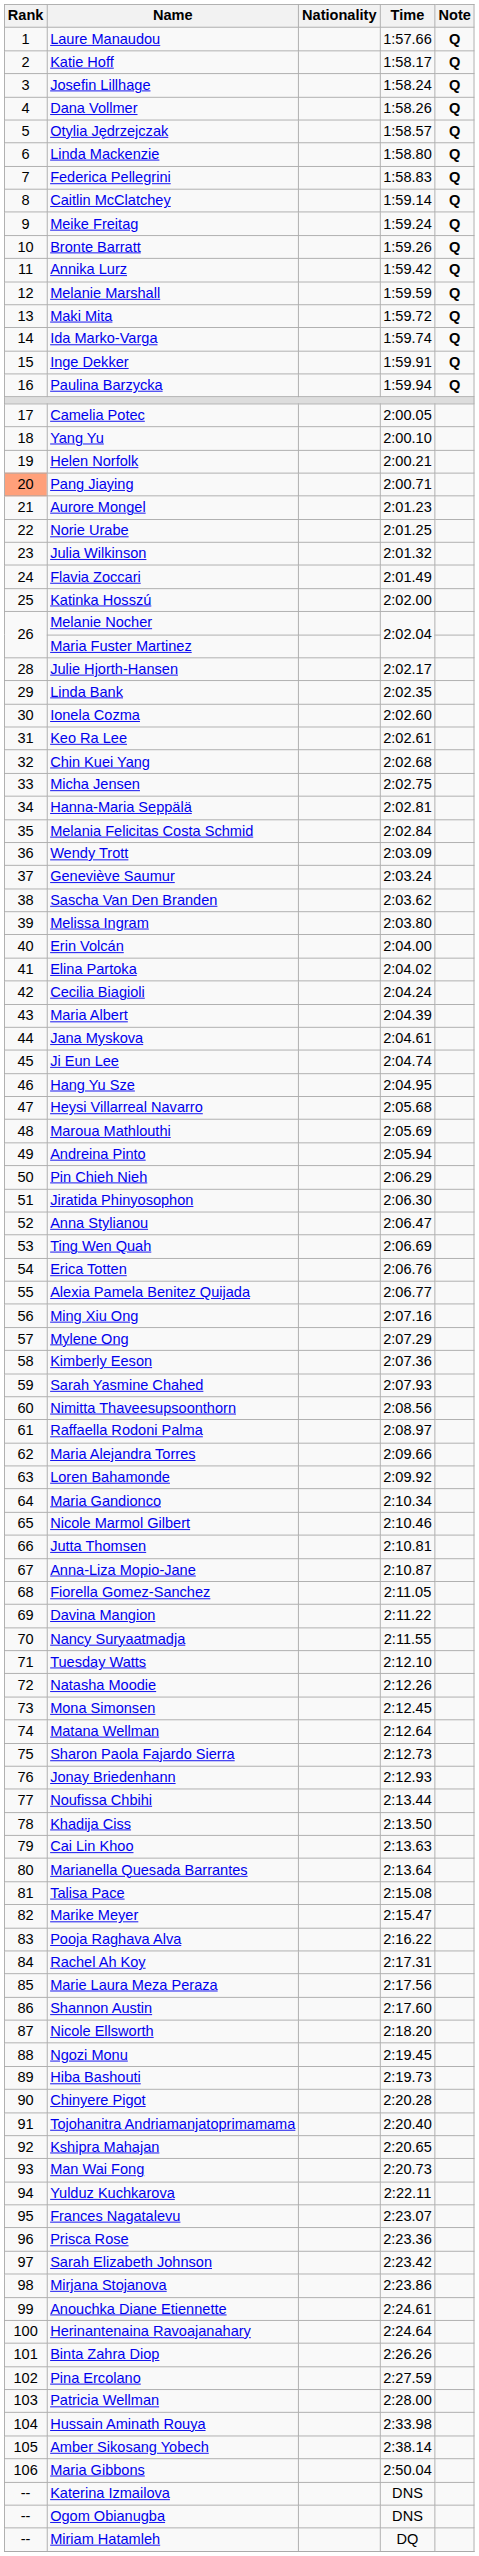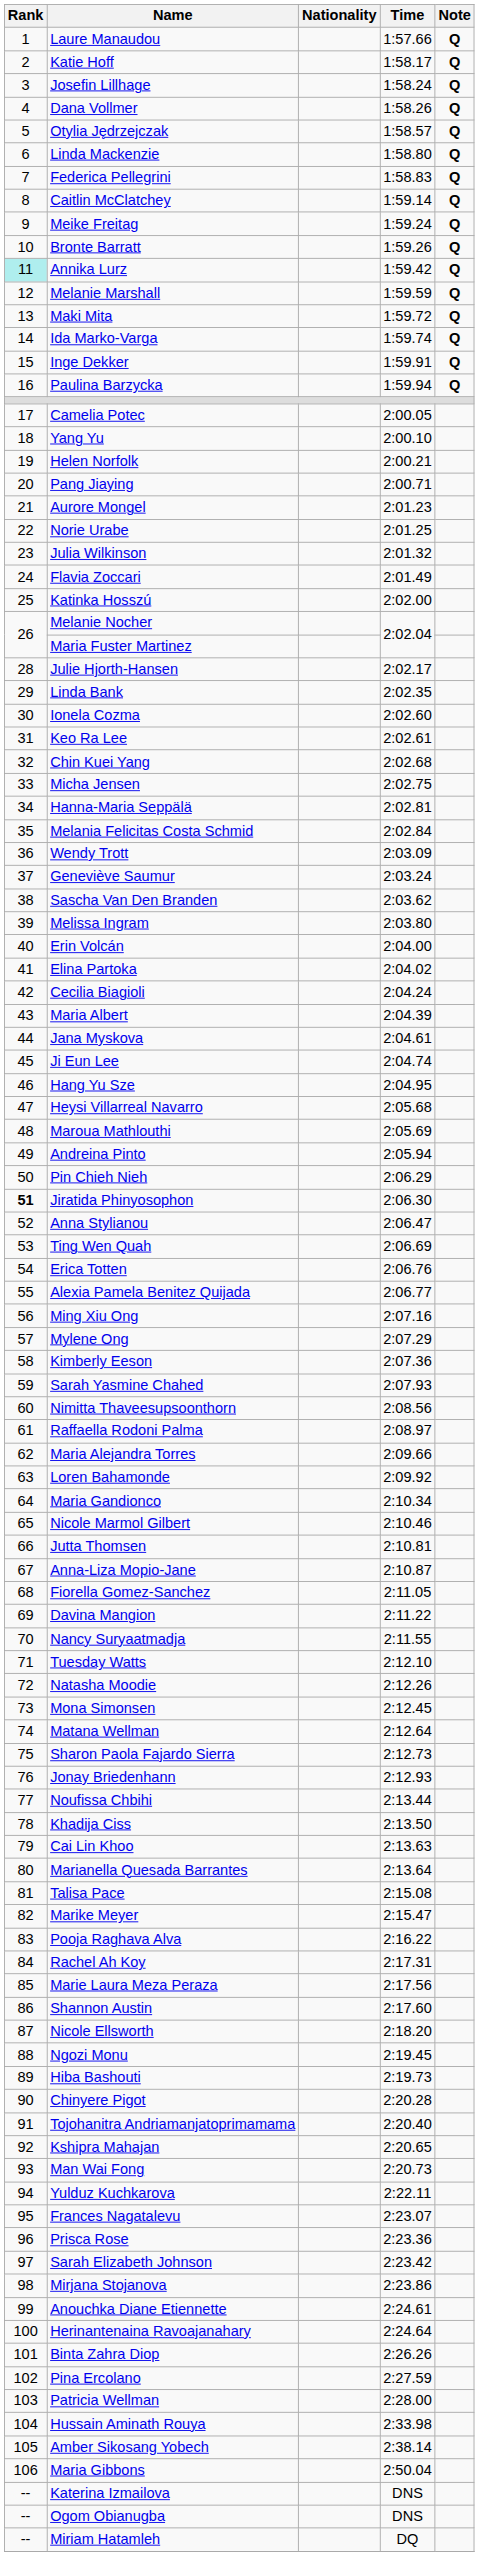 <table class="wikitable" style="text-align:center">
 <tr>
 <th>Rank</th>
 <th>Name</th>
 <th>Nationality</th>
 <th>Time</th>
 <th>Note</th>
 </tr>
 <tr>
 <td>1</td>
 <td align=left><a href='#'>Laure Manaudou</a></td>
 <td align=left></td>
 <td>1:57.66</td>
 <td><strong>Q</strong></td>
 </tr>
 <tr>
 <td>2</td>
 <td align=left><a href='#'>Katie Hoff</a></td>
 <td align=left></td>
 <td>1:58.17</td>
 <td><strong>Q</strong></td>
 </tr>
 <tr>
 <td>3</td>
 <td align=left><a href='#'>Josefin Lillhage</a></td>
 <td align=left></td>
 <td>1:58.24</td>
 <td><strong>Q</strong></td>
 </tr>
 <tr>
 <td>4</td>
 <td align=left><a href='#'>Dana Vollmer</a></td>
 <td align=left></td>
 <td>1:58.26</td>
 <td><strong>Q</strong></td>
 </tr>
 <tr>
 <td>5</td>
 <td align=left><a href='#'>Otylia Jędrzejczak</a></td>
 <td align=left></td>
 <td>1:58.57</td>
 <td><strong>Q</strong></td>
 </tr>
 <tr>
 <td>6</td>
 <td align=left><a href='#'>Linda Mackenzie</a></td>
 <td align=left></td>
 <td>1:58.80</td>
 <td><strong>Q</strong></td>
 </tr>
 <tr>
 <td>7</td>
 <td align=left><a href='#'>Federica Pellegrini</a></td>
 <td align=left></td>
 <td>1:58.83</td>
 <td><strong>Q</strong></td>
 </tr>
 <tr>
 <td>8</td>
 <td align=left><a href='#'>Caitlin McClatchey</a></td>
 <td align=left></td>
 <td>1:59.14</td>
 <td><strong>Q</strong></td>
 </tr>
 <tr>
 <td>9</td>
 <td align=left><a href='#'>Meike Freitag</a></td>
 <td align=left></td>
 <td>1:59.24</td>
 <td><strong>Q</strong></td>
 </tr>
 <tr>
 <td>10</td>
 <td align=left><a href='#'>Bronte Barratt</a></td>
 <td align=left></td>
 <td>1:59.26</td>
 <td><strong>Q</strong></td>
 </tr>
 <tr>
-<td>11</td>
+<td style="background: paleturquoise;">11</td>
 <td align=left><a href='#'>Annika Lurz</a></td>
 <td align=left></td>
 <td>1:59.42</td>
 <td><strong>Q</strong></td>
 </tr>
 <tr>
 <td>12</td>
 <td align=left><a href='#'>Melanie Marshall</a></td>
 <td align=left></td>
 <td>1:59.59</td>
 <td><strong>Q</strong></td>
 </tr>
 <tr>
 <td>13</td>
 <td align=left><a href='#'>Maki Mita</a></td>
 <td align=left></td>
 <td>1:59.72</td>
 <td><strong>Q</strong></td>
 </tr>
 <tr>
 <td>14</td>
 <td align=left><a href='#'>Ida Marko-Varga</a></td>
 <td align=left></td>
 <td>1:59.74</td>
 <td><strong>Q</strong></td>
 </tr>
 <tr>
 <td>15</td>
 <td align=left><a href='#'>Inge Dekker</a></td>
 <td align=left></td>
 <td>1:59.91</td>
 <td><strong>Q</strong></td>
 </tr>
 <tr>
 <td>16</td>
 <td align=left><a href='#'>Paulina Barzycka</a></td>
 <td align=left></td>
 <td>1:59.94</td>
 <td><strong>Q</strong></td>
 </tr>
 <tr bgcolor=#DDDDDD>
 <td colspan=5></td>
 </tr>
 <tr>
 <td>17</td>
 <td align=left><a href='#'>Camelia Potec</a></td>
 <td align=left></td>
 <td>2:00.05</td>
 <td></td>
 </tr>
 <tr>
 <td>18</td>
 <td align=left><a href='#'>Yang Yu</a></td>
 <td align=left></td>
 <td>2:00.10</td>
 <td></td>
 </tr>
 <tr>
 <td>19</td>
 <td align=left><a href='#'>Helen Norfolk</a></td>
 <td align=left></td>
 <td>2:00.21</td>
 <td></td>
 </tr>
 <tr>
-<td style="background: lightsalmon;">20</td>
+<td>20</td>
 <td align=left><a href='#'>Pang Jiaying</a></td>
 <td align=left></td>
 <td>2:00.71</td>
 <td></td>
 </tr>
 <tr>
 <td>21</td>
 <td align=left><a href='#'>Aurore Mongel</a></td>
 <td align=left></td>
 <td>2:01.23</td>
 <td></td>
 </tr>
 <tr>
 <td>22</td>
 <td align=left><a href='#'>Norie Urabe</a></td>
 <td align=left></td>
 <td>2:01.25</td>
 <td></td>
 </tr>
 <tr>
 <td>23</td>
 <td align=left><a href='#'>Julia Wilkinson</a></td>
 <td align=left></td>
 <td>2:01.32</td>
 <td></td>
 </tr>
 <tr>
 <td>24</td>
 <td align=left><a href='#'>Flavia Zoccari</a></td>
 <td align=left></td>
 <td>2:01.49</td>
 <td></td>
 </tr>
 <tr>
 <td>25</td>
 <td align=left><a href='#'>Katinka Hosszú</a></td>
 <td align=left></td>
 <td>2:02.00</td>
 <td></td>
 </tr>
 <tr>
 <td rowspan=2>26</td>
 <td align=left><a href='#'>Melanie Nocher</a></td>
 <td align=left></td>
 <td rowspan=2>2:02.04</td>
 <td></td>
 </tr>
 <tr>
 <td align=left><a href='#'>Maria Fuster Martinez</a></td>
 <td align=left></td>
 <td></td>
 </tr>
 <tr>
 <td>28</td>
 <td align=left><a href='#'>Julie Hjorth-Hansen</a></td>
 <td align=left></td>
 <td>2:02.17</td>
 <td></td>
 </tr>
 <tr>
 <td>29</td>
 <td align=left><a href='#'>Linda Bank</a></td>
 <td align=left></td>
 <td>2:02.35</td>
 <td></td>
 </tr>
 <tr>
 <td>30</td>
 <td align=left><a href='#'>Ionela Cozma</a></td>
 <td align=left></td>
 <td>2:02.60</td>
 <td></td>
 </tr>
 <tr>
 <td>31</td>
 <td align=left><a href='#'>Keo Ra Lee</a></td>
 <td align=left></td>
 <td>2:02.61</td>
 <td></td>
 </tr>
 <tr>
 <td>32</td>
 <td align=left><a href='#'>Chin Kuei Yang</a></td>
 <td align=left></td>
 <td>2:02.68</td>
 <td></td>
 </tr>
 <tr>
 <td>33</td>
 <td align=left><a href='#'>Micha Jensen</a></td>
 <td align=left></td>
 <td>2:02.75</td>
 <td></td>
 </tr>
 <tr>
 <td>34</td>
 <td align=left><a href='#'>Hanna-Maria Seppälä</a></td>
 <td align=left></td>
 <td>2:02.81</td>
 <td></td>
 </tr>
 <tr>
 <td>35</td>
 <td align=left><a href='#'>Melania Felicitas Costa Schmid</a></td>
 <td align=left></td>
 <td>2:02.84</td>
 <td></td>
 </tr>
 <tr>
 <td>36</td>
 <td align=left><a href='#'>Wendy Trott</a></td>
 <td align=left></td>
 <td>2:03.09</td>
 <td></td>
 </tr>
 <tr>
 <td>37</td>
 <td align=left><a href='#'>Geneviève Saumur</a></td>
 <td align=left></td>
 <td>2:03.24</td>
 <td></td>
 </tr>
 <tr>
 <td>38</td>
 <td align=left><a href='#'>Sascha Van Den Branden</a></td>
 <td align=left></td>
 <td>2:03.62</td>
 <td></td>
 </tr>
 <tr>
 <td>39</td>
 <td align=left><a href='#'>Melissa Ingram</a></td>
 <td align=left></td>
 <td>2:03.80</td>
 <td></td>
 </tr>
 <tr>
 <td>40</td>
 <td align=left><a href='#'>Erin Volcán</a></td>
 <td align=left></td>
 <td>2:04.00</td>
 <td></td>
 </tr>
 <tr>
 <td>41</td>
 <td align=left><a href='#'>Elina Partoka</a></td>
 <td align=left></td>
 <td>2:04.02</td>
 <td></td>
 </tr>
 <tr>
 <td>42</td>
 <td align=left><a href='#'>Cecilia Biagioli</a></td>
 <td align=left></td>
 <td>2:04.24</td>
 <td></td>
 </tr>
 <tr>
 <td>43</td>
 <td align=left><a href='#'>Maria Albert</a></td>
 <td align=left></td>
 <td>2:04.39</td>
 <td></td>
 </tr>
 <tr>
 <td>44</td>
 <td align=left><a href='#'>Jana Myskova</a></td>
 <td align=left></td>
 <td>2:04.61</td>
 <td></td>
 </tr>
 <tr>
 <td>45</td>
 <td align=left><a href='#'>Ji Eun Lee</a></td>
 <td align=left></td>
 <td>2:04.74</td>
 <td></td>
 </tr>
 <tr>
 <td>46</td>
 <td align=left><a href='#'>Hang Yu Sze</a></td>
 <td align=left></td>
 <td>2:04.95</td>
 <td></td>
 </tr>
 <tr>
 <td>47</td>
 <td align=left><a href='#'>Heysi Villarreal Navarro</a></td>
 <td align=left></td>
 <td>2:05.68</td>
 <td></td>
 </tr>
 <tr>
 <td>48</td>
 <td align=left><a href='#'>Maroua Mathlouthi</a></td>
 <td align=left></td>
 <td>2:05.69</td>
 <td></td>
 </tr>
 <tr>
 <td>49</td>
 <td align=left><a href='#'>Andreina Pinto</a></td>
 <td align=left></td>
 <td>2:05.94</td>
 <td></td>
 </tr>
 <tr>
 <td>50</td>
 <td align=left><a href='#'>Pin Chieh Nieh</a></td>
 <td align=left></td>
 <td>2:06.29</td>
 <td></td>
 </tr>
 <tr>
-<td>51</td>
+<td><strong>51</strong></td>
 <td align=left><a href='#'>Jiratida Phinyosophon</a></td>
 <td align=left></td>
 <td>2:06.30</td>
 <td></td>
 </tr>
 <tr>
 <td>52</td>
 <td align=left><a href='#'>Anna Stylianou</a></td>
 <td align=left></td>
 <td>2:06.47</td>
 <td></td>
 </tr>
 <tr>
 <td>53</td>
 <td align=left><a href='#'>Ting Wen Quah</a></td>
 <td align=left></td>
 <td>2:06.69</td>
 <td></td>
 </tr>
 <tr>
 <td>54</td>
 <td align=left><a href='#'>Erica Totten</a></td>
 <td align=left></td>
 <td>2:06.76</td>
 <td></td>
 </tr>
 <tr>
 <td>55</td>
 <td align=left><a href='#'>Alexia Pamela Benitez Quijada</a></td>
 <td align=left></td>
 <td>2:06.77</td>
 <td></td>
 </tr>
 <tr>
 <td>56</td>
 <td align=left><a href='#'>Ming Xiu Ong</a></td>
 <td align=left></td>
 <td>2:07.16</td>
 <td></td>
 </tr>
 <tr>
 <td>57</td>
 <td align=left><a href='#'>Mylene Ong</a></td>
 <td align=left></td>
 <td>2:07.29</td>
 <td></td>
 </tr>
 <tr>
 <td>58</td>
 <td align=left><a href='#'>Kimberly Eeson</a></td>
 <td align=left></td>
 <td>2:07.36</td>
 <td></td>
 </tr>
 <tr>
 <td>59</td>
 <td align=left><a href='#'>Sarah Yasmine Chahed</a></td>
 <td align=left></td>
 <td>2:07.93</td>
 <td></td>
 </tr>
 <tr>
 <td>60</td>
 <td align=left><a href='#'>Nimitta Thaveesupsoonthorn</a></td>
 <td align=left></td>
 <td>2:08.56</td>
 <td></td>
 </tr>
 <tr>
 <td>61</td>
 <td align=left><a href='#'>Raffaella Rodoni Palma</a></td>
 <td align=left></td>
 <td>2:08.97</td>
 <td></td>
 </tr>
 <tr>
 <td>62</td>
 <td align=left><a href='#'>Maria Alejandra Torres</a></td>
 <td align=left></td>
 <td>2:09.66</td>
 <td></td>
 </tr>
 <tr>
 <td>63</td>
 <td align=left><a href='#'>Loren Bahamonde</a></td>
 <td align=left></td>
 <td>2:09.92</td>
 <td></td>
 </tr>
 <tr>
 <td>64</td>
 <td align=left><a href='#'>Maria Gandionco</a></td>
 <td align=left></td>
 <td>2:10.34</td>
 <td></td>
 </tr>
 <tr>
 <td>65</td>
 <td align=left><a href='#'>Nicole Marmol Gilbert</a></td>
 <td align=left></td>
 <td>2:10.46</td>
 <td></td>
 </tr>
 <tr>
 <td>66</td>
 <td align=left><a href='#'>Jutta Thomsen</a></td>
 <td align=left></td>
 <td>2:10.81</td>
 <td></td>
 </tr>
 <tr>
 <td>67</td>
 <td align=left><a href='#'>Anna-Liza Mopio-Jane</a></td>
 <td align=left></td>
 <td>2:10.87</td>
 <td></td>
 </tr>
 <tr>
 <td>68</td>
 <td align=left><a href='#'>Fiorella Gomez-Sanchez</a></td>
 <td align=left></td>
 <td>2:11.05</td>
 <td></td>
 </tr>
 <tr>
 <td>69</td>
 <td align=left><a href='#'>Davina Mangion</a></td>
 <td align=left></td>
 <td>2:11.22</td>
 <td></td>
 </tr>
 <tr>
 <td>70</td>
 <td align=left><a href='#'>Nancy Suryaatmadja</a></td>
 <td align=left></td>
 <td>2:11.55</td>
 <td></td>
 </tr>
 <tr>
 <td>71</td>
 <td align=left><a href='#'>Tuesday Watts</a></td>
 <td align=left></td>
 <td>2:12.10</td>
 <td></td>
 </tr>
 <tr>
 <td>72</td>
 <td align=left><a href='#'>Natasha Moodie</a></td>
 <td align=left></td>
 <td>2:12.26</td>
 <td></td>
 </tr>
 <tr>
 <td>73</td>
 <td align=left><a href='#'>Mona Simonsen</a></td>
 <td align=left></td>
 <td>2:12.45</td>
 <td></td>
 </tr>
 <tr>
 <td>74</td>
 <td align=left><a href='#'>Matana Wellman</a></td>
 <td align=left></td>
 <td>2:12.64</td>
 <td></td>
 </tr>
 <tr>
 <td>75</td>
 <td align=left><a href='#'>Sharon Paola Fajardo Sierra</a></td>
 <td align=left></td>
 <td>2:12.73</td>
 <td></td>
 </tr>
 <tr>
 <td>76</td>
 <td align=left><a href='#'>Jonay Briedenhann</a></td>
 <td align=left></td>
 <td>2:12.93</td>
 <td></td>
 </tr>
 <tr>
 <td>77</td>
 <td align=left><a href='#'>Noufissa Chbihi</a></td>
 <td align=left></td>
 <td>2:13.44</td>
 <td></td>
 </tr>
 <tr>
 <td>78</td>
 <td align=left><a href='#'>Khadija Ciss</a></td>
 <td align=left></td>
 <td>2:13.50</td>
 <td></td>
 </tr>
 <tr>
 <td>79</td>
 <td align=left><a href='#'>Cai Lin Khoo</a></td>
 <td align=left></td>
 <td>2:13.63</td>
 <td></td>
 </tr>
 <tr>
 <td>80</td>
 <td align=left><a href='#'>Marianella Quesada Barrantes</a></td>
 <td align=left></td>
 <td>2:13.64</td>
 <td></td>
 </tr>
 <tr>
 <td>81</td>
 <td align=left><a href='#'>Talisa Pace</a></td>
 <td align=left></td>
 <td>2:15.08</td>
 <td></td>
 </tr>
 <tr>
 <td>82</td>
 <td align=left><a href='#'>Marike Meyer</a></td>
 <td align=left></td>
 <td>2:15.47</td>
 <td></td>
 </tr>
 <tr>
 <td>83</td>
 <td align=left><a href='#'>Pooja Raghava Alva</a></td>
 <td align=left></td>
 <td>2:16.22</td>
 <td></td>
 </tr>
 <tr>
 <td>84</td>
 <td align=left><a href='#'>Rachel Ah Koy</a></td>
 <td align=left></td>
 <td>2:17.31</td>
 <td></td>
 </tr>
 <tr>
 <td>85</td>
 <td align=left><a href='#'>Marie Laura Meza Peraza</a></td>
 <td align=left></td>
 <td>2:17.56</td>
 <td></td>
 </tr>
 <tr>
 <td>86</td>
 <td align=left><a href='#'>Shannon Austin</a></td>
 <td align=left></td>
 <td>2:17.60</td>
 <td></td>
 </tr>
 <tr>
 <td>87</td>
 <td align=left><a href='#'>Nicole Ellsworth</a></td>
 <td align=left></td>
 <td>2:18.20</td>
 <td></td>
 </tr>
 <tr>
 <td>88</td>
 <td align=left><a href='#'>Ngozi Monu</a></td>
 <td align=left></td>
 <td>2:19.45</td>
 <td></td>
 </tr>
 <tr>
 <td>89</td>
 <td align=left><a href='#'>Hiba Bashouti</a></td>
 <td align=left></td>
 <td>2:19.73</td>
 <td></td>
 </tr>
 <tr>
 <td>90</td>
 <td align=left><a href='#'>Chinyere Pigot</a></td>
 <td align=left></td>
 <td>2:20.28</td>
 <td></td>
 </tr>
 <tr>
 <td>91</td>
 <td align=left><a href='#'>Tojohanitra Andriamanjatoprimamama</a></td>
 <td align=left></td>
 <td>2:20.40</td>
 <td></td>
 </tr>
 <tr>
 <td>92</td>
 <td align=left><a href='#'>Kshipra Mahajan</a></td>
 <td align=left></td>
 <td>2:20.65</td>
 <td></td>
 </tr>
 <tr>
 <td>93</td>
 <td align=left><a href='#'>Man Wai Fong</a></td>
 <td align=left></td>
 <td>2:20.73</td>
 <td></td>
 </tr>
 <tr>
 <td>94</td>
 <td align=left><a href='#'>Yulduz Kuchkarova</a></td>
 <td align=left></td>
 <td>2:22.11</td>
 <td></td>
 </tr>
 <tr>
 <td>95</td>
 <td align=left><a href='#'>Frances Nagatalevu</a></td>
 <td align=left></td>
 <td>2:23.07</td>
 <td></td>
 </tr>
 <tr>
 <td>96</td>
 <td align=left><a href='#'>Prisca Rose</a></td>
 <td align=left></td>
 <td>2:23.36</td>
 <td></td>
 </tr>
 <tr>
 <td>97</td>
 <td align=left><a href='#'>Sarah Elizabeth Johnson</a></td>
 <td align=left></td>
 <td>2:23.42</td>
 <td></td>
 </tr>
 <tr>
 <td>98</td>
 <td align=left><a href='#'>Mirjana Stojanova</a></td>
 <td align=left></td>
 <td>2:23.86</td>
 <td></td>
 </tr>
 <tr>
 <td>99</td>
 <td align=left><a href='#'>Anouchka Diane Etiennette</a></td>
 <td align=left></td>
 <td>2:24.61</td>
 <td></td>
 </tr>
 <tr>
 <td>100</td>
 <td align=left><a href='#'>Herinantenaina Ravoajanahary</a></td>
 <td align=left></td>
 <td>2:24.64</td>
 <td></td>
 </tr>
 <tr>
 <td>101</td>
 <td align=left><a href='#'>Binta Zahra Diop</a></td>
 <td align=left></td>
 <td>2:26.26</td>
 <td></td>
 </tr>
 <tr>
 <td>102</td>
 <td align=left><a href='#'>Pina Ercolano</a></td>
 <td align=left></td>
 <td>2:27.59</td>
 <td></td>
 </tr>
 <tr>
 <td>103</td>
 <td align=left><a href='#'>Patricia Wellman</a></td>
 <td align=left></td>
 <td>2:28.00</td>
 <td></td>
 </tr>
 <tr>
 <td>104</td>
 <td align=left><a href='#'>Hussain Aminath Rouya</a></td>
 <td align=left></td>
 <td>2:33.98</td>
 <td></td>
 </tr>
 <tr>
 <td>105</td>
 <td align=left><a href='#'>Amber Sikosang Yobech</a></td>
 <td align=left></td>
 <td>2:38.14</td>
 <td></td>
 </tr>
 <tr>
 <td>106</td>
 <td align=left><a href='#'>Maria Gibbons</a></td>
 <td align=left></td>
 <td>2:50.04</td>
 <td></td>
 </tr>
 <tr>
 <td>--</td>
 <td align=left><a href='#'>Katerina Izmailova</a></td>
 <td align=left></td>
 <td>DNS</td>
 <td></td>
 </tr>
 <tr>
 <td>--</td>
 <td align=left><a href='#'>Ogom Obianugba</a></td>
 <td align=left></td>
 <td>DNS</td>
 <td></td>
 </tr>
 <tr>
 <td>--</td>
 <td align=left><a href='#'>Miriam Hatamleh</a></td>
 <td align=left></td>
 <td>DQ</td>
 <td></td>
 </tr>
 <tr>
 </tr>
 </table>
